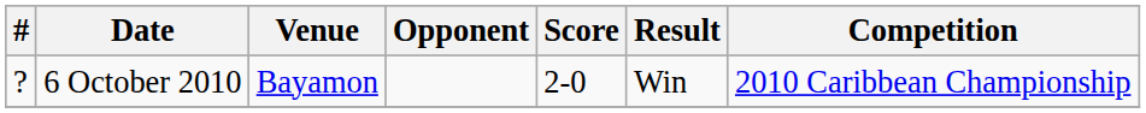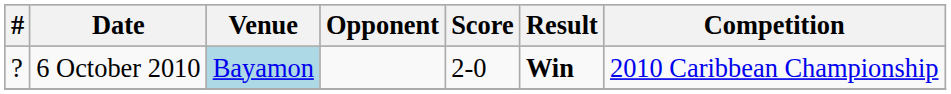 <table class="wikitable">
 <tr>
 <th>#</th>
 <th>Date</th>
 <th>Venue</th>
 <th>Opponent</th>
 <th>Score</th>
 <th>Result</th>
 <th>Competition</th>
 </tr>
 <tr>
 <td>?</td>
 <td>6 October 2010</td>
-<td><a href='#'>Bayamon</a></td>
+<td style="background: lightblue;"><a href='#'>Bayamon</a></td>
 <td></td>
 <td>2-0</td>
-<td>Win</td>
+<td><strong>Win</strong></td>
 <td><a href='#'>2010 Caribbean Championship</a></td>
 </tr>
 <tr>
 </tr>
 </table>
